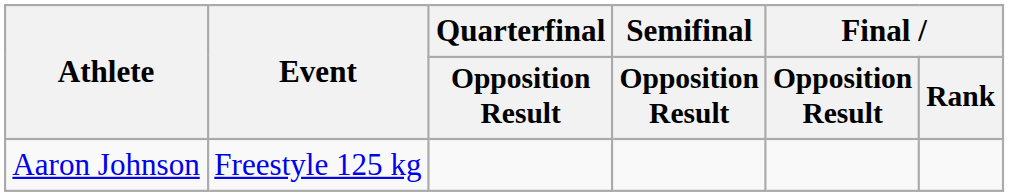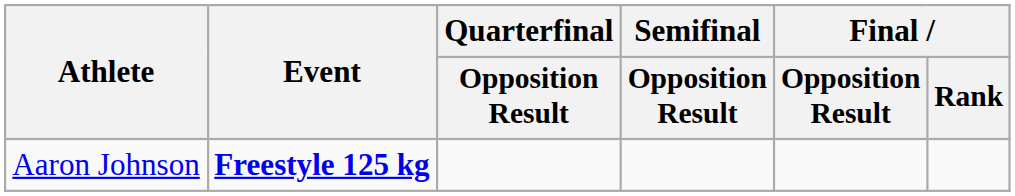 <table class=wikitable style=font-size:90%;text-align:center>
 <tr>
 <th rowspan=2>Athlete</th>
 <th rowspan=2>Event</th>
 <th>Quarterfinal</th>
 <th>Semifinal</th>
 <th colspan=2>Final / </th>
 </tr>
 <tr style=font-size:95%>
 <th>Opposition<br>Result</th>
 <th>Opposition<br>Result</th>
 <th>Opposition<br>Result</th>
 <th>Rank</th>
 </tr>
 <tr>
 <td align=left><a href='#'>Aaron Johnson</a></td>
-<td align=left><a href='#'>Freestyle 125 kg</a></td>
+<td align=left><strong><a href='#'>Freestyle 125 kg</a></strong></td>
 <td></td>
 <td></td>
 <td></td>
 <td></td>
 </tr>
 </table>
